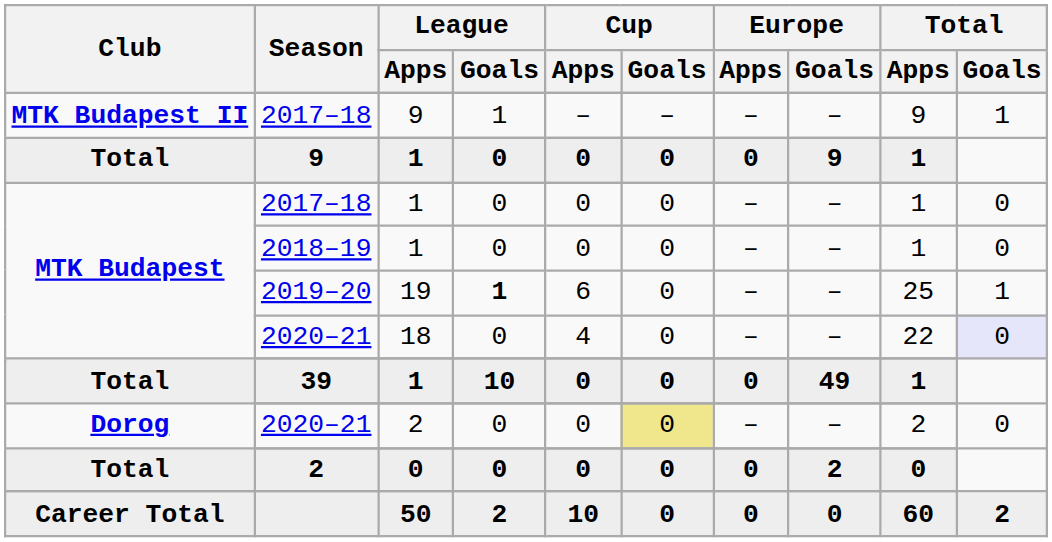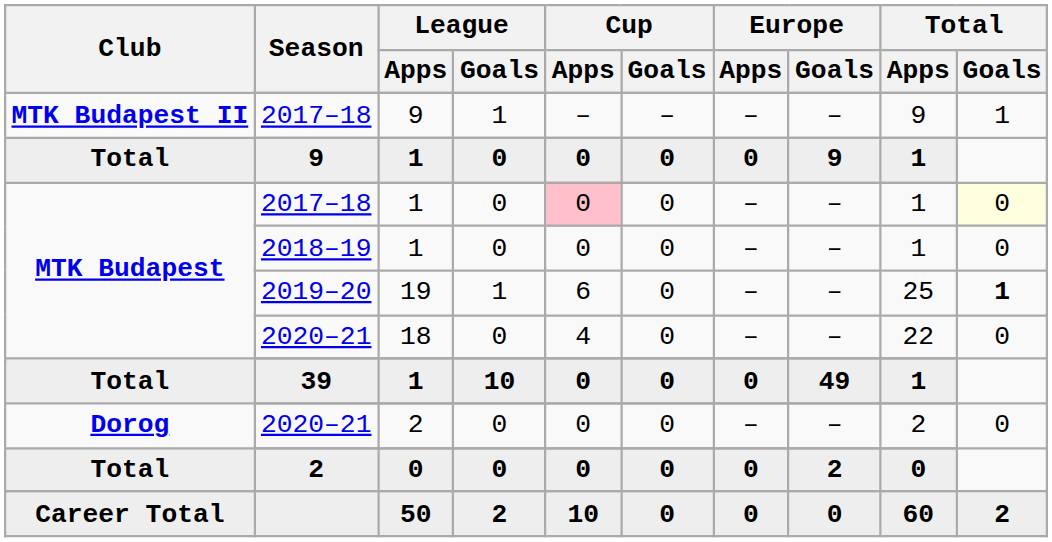 <table class="wikitable" style="font-size:90%; text-align: center;">
 <tr>
 <th rowspan="2">Club</th>
 <th rowspan="2">Season</th>
 <th colspan="2">League</th>
 <th colspan="2">Cup</th>
 <th colspan="2">Europe</th>
 <th colspan="2">Total</th>
 </tr>
 <tr>
 <th>Apps</th>
 <th>Goals</th>
 <th>Apps</th>
 <th>Goals</th>
 <th>Apps</th>
 <th>Goals</th>
 <th>Apps</th>
 <th>Goals</th>
 </tr>
 <tr ||-||-||-|->
 <td rowspan="3" valign="center"><strong><a href='#'>MTK Budapest II</a></strong></td>
 </tr>
 <tr>
 <td><a href='#'>2017–18</a></td>
 <td>9</td>
 <td>1</td>
 <td>–</td>
 <td>–</td>
 <td>–</td>
 <td>–</td>
 <td>9</td>
 <td>1</td>
 </tr>
 <tr>
 </tr>
 <tr style="font-weight:bold; background-color:#eeeeee;">
 <td>Total</td>
 <td>9</td>
 <td>1</td>
 <td>0</td>
 <td>0</td>
 <td>0</td>
 <td>0</td>
 <td>9</td>
 <td>1</td>
 </tr>
 <tr>
 <td rowspan="6" valign="center"><strong><a href='#'>MTK Budapest</a></strong></td>
 </tr>
 <tr>
 <td><a href='#'>2017–18</a></td>
 <td>1</td>
 <td>0</td>
-<td>0</td>
+<td style="background: pink;">0</td>
 <td>0</td>
 <td>–</td>
 <td>–</td>
 <td>1</td>
-<td>0</td>
+<td style="background: lightyellow;">0</td>
 </tr>
 <tr>
 <td><a href='#'>2018–19</a></td>
 <td>1</td>
 <td>0</td>
 <td>0</td>
 <td>0</td>
 <td>–</td>
 <td>–</td>
 <td>1</td>
 <td>0</td>
 </tr>
 <tr>
 <td><a href='#'>2019–20</a></td>
 <td>19</td>
-<td><strong>1</strong></td>
+<td>1</td>
 <td>6</td>
 <td>0</td>
 <td>–</td>
 <td>–</td>
 <td>25</td>
-<td>1</td>
+<td><strong>1</strong></td>
 </tr>
 <tr>
 <td><a href='#'>2020–21</a></td>
 <td>18</td>
 <td>0</td>
 <td>4</td>
 <td>0</td>
 <td>–</td>
 <td>–</td>
 <td>22</td>
-<td style="background: lavender;">0</td>
+<td>0</td>
 </tr>
 <tr>
 </tr>
 <tr style="font-weight:bold; background-color:#eeeeee;">
 <td>Total</td>
 <td>39</td>
 <td>1</td>
 <td>10</td>
 <td>0</td>
 <td>0</td>
 <td>0</td>
 <td>49</td>
 <td>1</td>
 </tr>
 <tr>
 <td rowspan="3" valign="center"><strong><a href='#'>Dorog</a></strong></td>
 </tr>
 <tr>
 <td><a href='#'>2020–21</a></td>
 <td>2</td>
 <td>0</td>
 <td>0</td>
-<td style="background: khaki;">0</td>
+<td>0</td>
 <td>–</td>
 <td>–</td>
 <td>2</td>
 <td>0</td>
 </tr>
 <tr>
 </tr>
 <tr style="font-weight:bold; background-color:#eeeeee;">
 <td>Total</td>
 <td>2</td>
 <td>0</td>
 <td>0</td>
 <td>0</td>
 <td>0</td>
 <td>0</td>
 <td>2</td>
 <td>0</td>
 </tr>
 <tr>
 </tr>
 <tr style="font-weight:bold; background-color:#eeeeee;">
 <td rowspan="2" valign="top"><strong>Career Total</strong></td>
 <td></td>
 <td><strong>50</strong></td>
 <td><strong>2</strong></td>
 <td><strong>10</strong></td>
 <td><strong>0</strong></td>
 <td><strong>0</strong></td>
 <td><strong>0</strong></td>
 <td><strong>60</strong></td>
 <td><strong>2</strong></td>
 </tr>
 </table>
